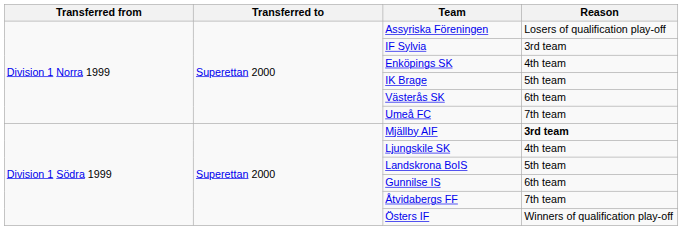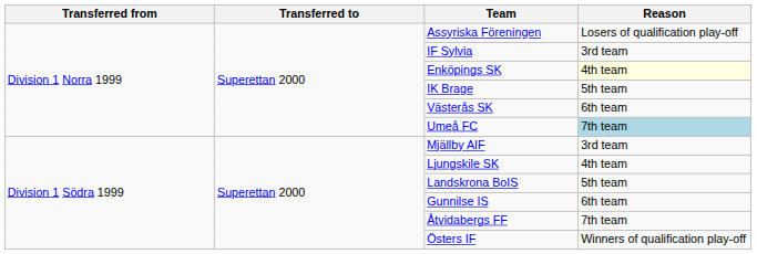 <table class="wikitable" style="text-align: left">
 <tr>
 <th style="width: 275px;">Transferred from</th>
 <th style="width: 275px;">Transferred to</th>
 <th style="width: 200px;">Team</th>
 <th style="width: 225px;">Reason</th>
 </tr>
 <tr>
 <td rowspan=6><a href='#'>Division 1</a> <a href='#'>Norra</a> 1999</td>
 <td rowspan=6><a href='#'>Superettan</a> 2000</td>
 <td><a href='#'>Assyriska Föreningen</a></td>
 <td>Losers of qualification play-off</td>
 </tr>
 <tr>
 <td><a href='#'>IF Sylvia</a></td>
 <td>3rd team</td>
 </tr>
 <tr>
 <td><a href='#'>Enköpings SK</a></td>
-<td>4th team</td>
+<td style="background: lightyellow;">4th team</td>
 </tr>
 <tr>
 <td><a href='#'>IK Brage</a></td>
 <td>5th team</td>
 </tr>
 <tr>
 <td><a href='#'>Västerås SK</a></td>
 <td>6th team</td>
 </tr>
 <tr>
 <td><a href='#'>Umeå FC</a></td>
-<td>7th team</td>
+<td style="background: lightblue;">7th team</td>
 </tr>
 <tr>
 <td rowspan=6><a href='#'>Division 1</a> <a href='#'>Södra</a> 1999</td>
 <td rowspan=6><a href='#'>Superettan</a> 2000</td>
 <td><a href='#'>Mjällby AIF</a></td>
-<td><strong>3rd team</strong></td>
+<td>3rd team</td>
 </tr>
 <tr>
 <td><a href='#'>Ljungskile SK</a></td>
 <td>4th team</td>
 </tr>
 <tr>
 <td><a href='#'>Landskrona BoIS</a></td>
 <td>5th team</td>
 </tr>
 <tr>
 <td><a href='#'>Gunnilse IS</a></td>
 <td>6th team</td>
 </tr>
 <tr>
 <td><a href='#'>Åtvidabergs FF</a></td>
 <td>7th team</td>
 </tr>
 <tr>
 <td><a href='#'>Östers IF</a></td>
 <td>Winners of qualification play-off</td>
 </tr>
 </table>
